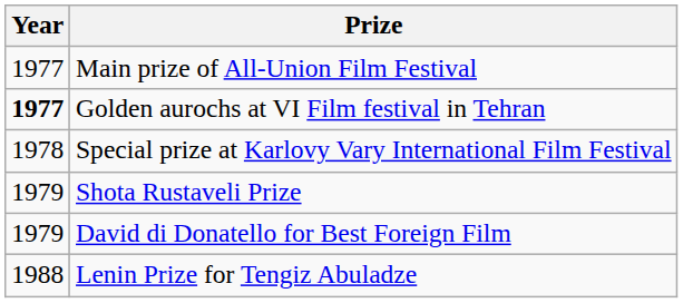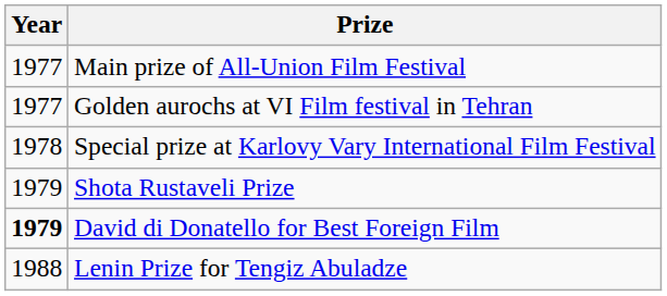 <table class="wikitable">
 <tr>
 <th>Year</th>
 <th>Prize</th>
 </tr>
 <tr>
 <td>1977</td>
 <td>Main prize of <a href='#'>All-Union Film Festival</a></td>
 </tr>
 <tr>
-<td><strong>1977</strong></td>
+<td>1977</td>
 <td>Golden aurochs at VI <a href='#'>Film festival</a> in <a href='#'>Tehran</a></td>
 </tr>
 <tr>
 <td>1978</td>
 <td>Special prize at <a href='#'>Karlovy Vary International Film Festival</a></td>
 </tr>
 <tr>
 <td>1979</td>
 <td><a href='#'>Shota Rustaveli Prize</a></td>
 </tr>
 <tr>
-<td>1979</td>
+<td><strong>1979</strong></td>
 <td><a href='#'>David di Donatello for Best Foreign Film</a></td>
 </tr>
 <tr>
 <td>1988</td>
 <td><a href='#'>Lenin Prize</a> for <a href='#'>Tengiz Abuladze</a></td>
 </tr>
 </table>
